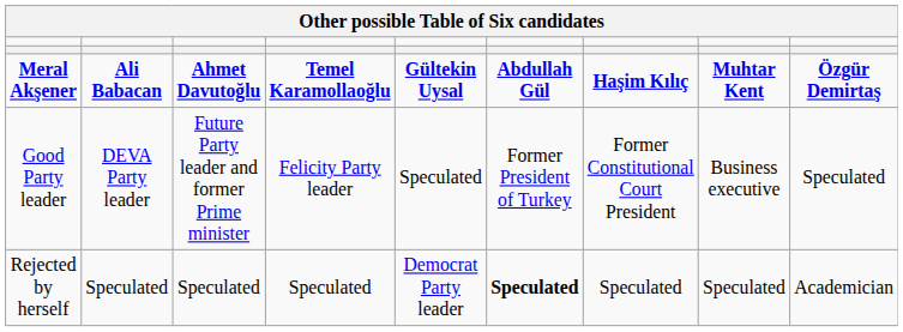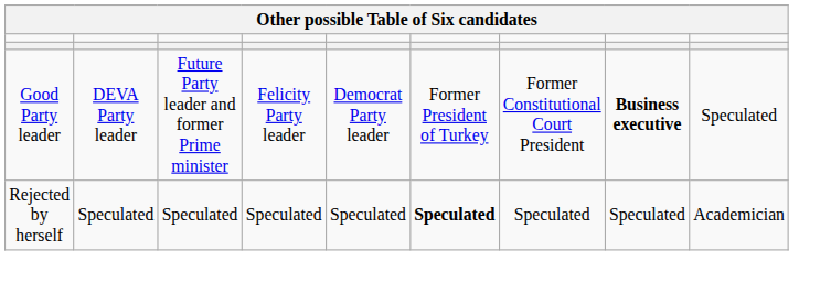 <table class="wikitable" style="margin:1em auto; font-size:90%; text-align:center;">
 <tr>
 <th colspan="9">Other possible Table of Six candidates</th>
 </tr>
 <tr>
 <td></td>
 <td></td>
 <td></td>
 <td></td>
 <td></td>
 <td></td>
 <td></td>
 <td></td>
 <td></td>
 </tr>
 <tr>
 <th style="width:100px; font-size:100%; background:"></th>
 <th style="width:100px; font-size:100%; background:"></th>
 <th style="width:100px; font-size:100%; background:"></th>
 <th style="width:100px; font-size:100%; background:"></th>
 <th style="width:100px; font-size:100%; background:"></th>
 <th style="width:100px; font-size:100%; background:"></th>
 <th style="width:100px; font-size:100%; background:"></th>
 <th style="width:100px; font-size:100%; background:"></th>
 <th style="width:100px; font-size:100%; background:"></th>
 </tr>
 <tr>
-<td><strong><a href='#'>Meral Akşener</a></strong></td>
-<td><strong><a href='#'>Ali Babacan</a></strong></td>
-<td><strong><a href='#'>Ahmet Davutoğlu</a></strong></td>
-<td><strong><a href='#'>Temel Karamollaoğlu</a></strong></td>
-<td><strong><a href='#'>Gültekin Uysal</a></strong></td>
-<td><strong><a href='#'>Abdullah Gül</a></strong></td>
-<td><strong><a href='#'>Haşim Kılıç</a></strong></td>
-<td><strong><a href='#'>Muhtar Kent</a></strong></td>
-<td><strong><a href='#'>Özgür Demirtaş</a></strong></td>
-</tr>
-<tr>
 <td><a href='#'>Good Party</a> leader</td>
 <td><a href='#'>DEVA Party</a> leader</td>
 <td><a href='#'>Future Party</a> leader and former <a href='#'>Prime minister</a></td>
 <td><a href='#'>Felicity Party</a> leader</td>
-<td>Speculated</td>
+<td><a href='#'>Democrat Party</a> leader</td>
 <td>Former <a href='#'>President of Turkey</a></td>
 <td>Former <a href='#'>Constitutional Court</a> President</td>
-<td>Business executive</td>
+<td><strong>Business executive</strong></td>
 <td>Speculated</td>
 </tr>
 <tr>
 <td>Rejected by herself</td>
 <td>Speculated</td>
 <td>Speculated</td>
 <td>Speculated</td>
-<td><a href='#'>Democrat Party</a> leader</td>
+<td>Speculated</td>
 <td><strong>Speculated</strong></td>
 <td>Speculated</td>
 <td>Speculated</td>
 <td>Academician</td>
 </tr>
 </table>
